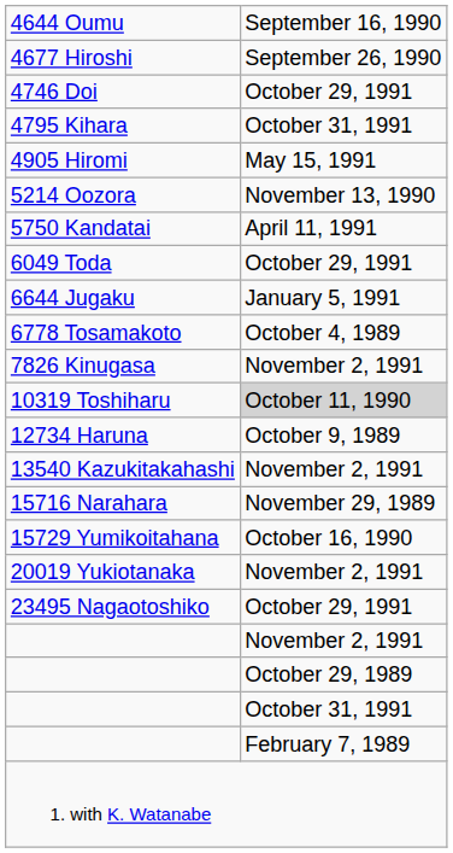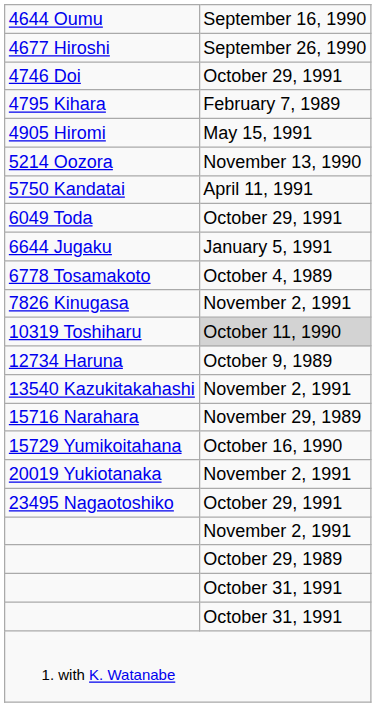 <table class="wikitable floatright" style="font-size: 0.9em;">
 <tr>
 <td><a href='#'>4644 Oumu</a> </td>
 <td>September 16, 1990</td>
 </tr>
 <tr>
 <td><a href='#'>4677 Hiroshi</a> </td>
 <td>September 26, 1990</td>
 </tr>
 <tr>
 <td><a href='#'>4746 Doi</a> </td>
 <td>October 29, 1991</td>
 </tr>
 <tr>
 <td><a href='#'>4795 Kihara</a> </td>
-<td>October 31, 1991</td>
+<td>February 7, 1989</td>
 </tr>
 <tr>
 <td><a href='#'>4905 Hiromi</a> </td>
 <td>May 15, 1991</td>
 </tr>
 <tr>
 <td><a href='#'>5214 Oozora</a> </td>
 <td>November 13, 1990</td>
 </tr>
 <tr>
 <td><a href='#'>5750 Kandatai</a> </td>
 <td>April 11, 1991</td>
 </tr>
 <tr>
 <td><a href='#'>6049 Toda</a> </td>
 <td>October 29, 1991</td>
 </tr>
 <tr>
 <td><a href='#'>6644 Jugaku</a> </td>
 <td>January 5, 1991</td>
 </tr>
 <tr>
 <td><a href='#'>6778 Tosamakoto</a> </td>
 <td>October 4, 1989</td>
 </tr>
 <tr>
 <td><a href='#'>7826 Kinugasa</a> </td>
 <td>November 2, 1991</td>
 </tr>
 <tr>
 <td><a href='#'>10319 Toshiharu</a> </td>
 <td style="background: lightgrey;">October 11, 1990</td>
 </tr>
 <tr>
 <td><a href='#'>12734 Haruna</a> </td>
 <td>October 9, 1989</td>
 </tr>
 <tr>
 <td><a href='#'>13540 Kazukitakahashi</a> </td>
 <td>November 2, 1991</td>
 </tr>
 <tr>
 <td><a href='#'>15716 Narahara</a> </td>
 <td>November 29, 1989</td>
 </tr>
 <tr>
 <td><a href='#'>15729 Yumikoitahana</a> </td>
 <td>October 16, 1990</td>
 </tr>
 <tr>
 <td><a href='#'>20019 Yukiotanaka</a> </td>
 <td>November 2, 1991</td>
 </tr>
 <tr>
 <td><a href='#'>23495 Nagaotoshiko</a> </td>
 <td>October 29, 1991</td>
 </tr>
 <tr>
 <td> </td>
 <td>November 2, 1991</td>
 </tr>
 <tr>
 <td> </td>
 <td>October 29, 1989</td>
 </tr>
 <tr>
 <td> </td>
 <td>October 31, 1991</td>
 </tr>
 <tr>
 <td></td>
-<td>February 7, 1989</td>
+<td>October 31, 1991</td>
 </tr>
 <tr>
 <td colspan="2" style="font-size: smaller;"><br><ol><li> with <a href='#'>K. Watanabe</a></li></ol></td>
 </tr>
 </table>
